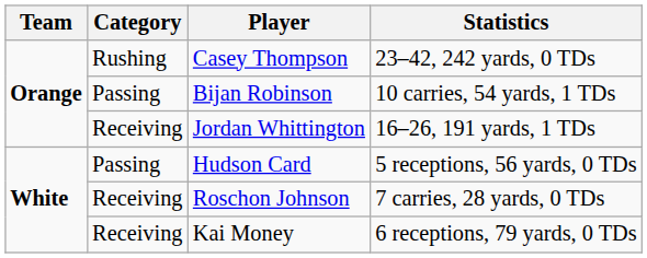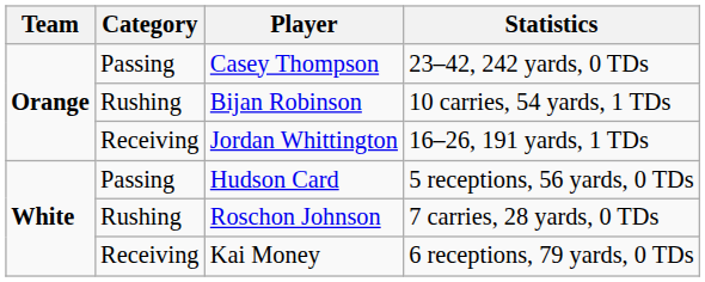 <table class="wikitable" style="float: right;">
 <tr>
 <th>Team</th>
 <th>Category</th>
 <th>Player</th>
 <th>Statistics</th>
 </tr>
 <tr>
 <td rowspan=3><strong>Orange</strong></td>
-<td>Rushing</td>
+<td>Passing</td>
 <td><a href='#'>Casey Thompson</a></td>
 <td>23–42, 242 yards, 0 TDs</td>
 </tr>
 <tr>
-<td>Passing</td>
+<td>Rushing</td>
 <td><a href='#'>Bijan Robinson</a></td>
 <td>10 carries, 54 yards, 1 TDs</td>
 </tr>
 <tr>
 <td>Receiving</td>
 <td><a href='#'>Jordan Whittington</a></td>
 <td>16–26, 191 yards, 1 TDs</td>
 </tr>
 <tr>
 <td rowspan=3><strong>White</strong></td>
 <td>Passing</td>
 <td><a href='#'>Hudson Card</a></td>
 <td>5 receptions, 56 yards, 0 TDs</td>
 </tr>
 <tr>
-<td>Receiving</td>
+<td>Rushing</td>
 <td><a href='#'>Roschon Johnson</a></td>
 <td>7 carries, 28 yards, 0 TDs</td>
 </tr>
 <tr>
 <td>Receiving</td>
 <td>Kai Money</td>
 <td>6 receptions, 79 yards, 0 TDs</td>
 </tr>
 </table>
